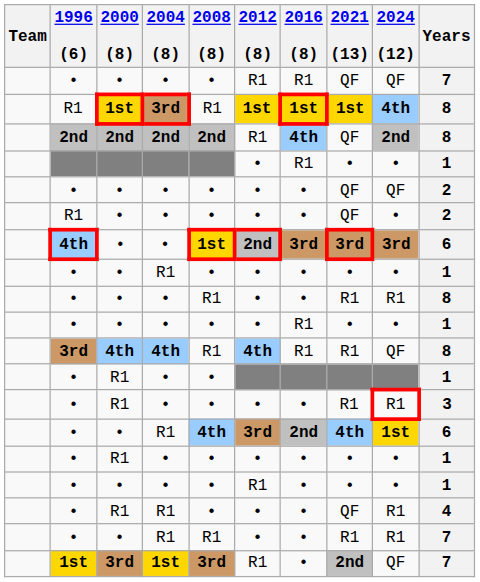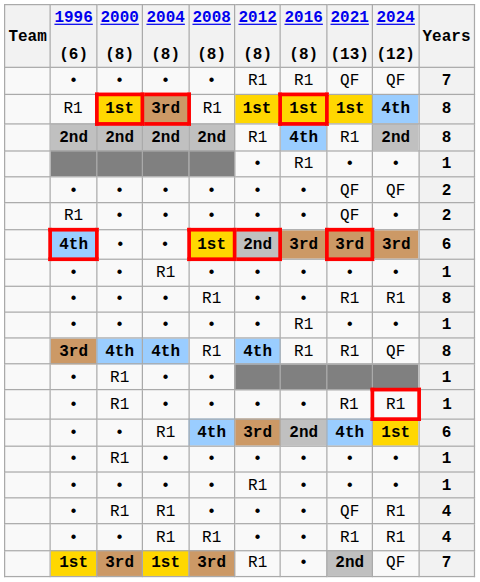 <table class="wikitable" style="text-align: center">
 <tr>
 <th>Team</th>
 <th><a href='#'>1996</a><br><br>(6)</th>
 <th><a href='#'>2000</a><br><br>(8)</th>
 <th><a href='#'>2004</a><br><br>(8)</th>
 <th><a href='#'>2008</a><br><br>(8)</th>
 <th><a href='#'>2012</a><br><br>(8)</th>
 <th><a href='#'>2016</a><br><br>(8)</th>
 <th><a href='#'>2021</a><br><br>(13)</th>
 <th><a href='#'>2024</a><br><br>(12)</th>
 <th>Years</th>
 </tr>
 <tr>
 <td align=left></td>
 <td>•</td>
 <td>•</td>
 <td>•</td>
 <td>•</td>
 <td>R1</td>
 <td>R1</td>
 <td>QF</td>
 <td>QF</td>
 <th>7</th>
 </tr>
 <tr>
 <td align=left></td>
 <td>R1</td>
 <td bgcolor=Gold style="border:3px solid red"><strong>1st</strong></td>
 <td bgcolor=#cc9966 style="border:3px solid red"><strong>3rd</strong></td>
 <td>R1</td>
 <td bgcolor=Gold><strong>1st</strong></td>
 <td bgcolor=Gold style="border:3px solid red"><strong>1st</strong></td>
 <td bgcolor=Gold><strong>1st</strong></td>
 <td bgcolor=#9acdff><strong>4th</strong></td>
 <th>8</th>
 </tr>
 <tr>
 <td align=left></td>
 <td bgcolor=Silver><strong>2nd</strong></td>
 <td bgcolor=Silver><strong>2nd</strong></td>
 <td bgcolor=Silver><strong>2nd</strong></td>
 <td bgcolor=Silver><strong>2nd</strong></td>
 <td>R1</td>
 <td bgcolor=#9acdff><strong>4th</strong></td>
-<td>QF</td>
+<td>R1</td>
 <td bgcolor=Silver><strong>2nd</strong></td>
 <th>8</th>
 </tr>
 <tr>
 <td align=left></td>
 <td bgcolor=gray></td>
 <td bgcolor=gray></td>
 <td bgcolor=gray></td>
 <td bgcolor=gray></td>
 <td>•</td>
 <td>R1</td>
 <td>•</td>
 <td>•</td>
 <th>1</th>
 </tr>
 <tr>
 <td align=left></td>
 <td>•</td>
 <td>•</td>
 <td>•</td>
 <td>•</td>
 <td>•</td>
 <td>•</td>
 <td>QF</td>
 <td>QF</td>
 <th>2</th>
 </tr>
 <tr>
 <td align=left></td>
 <td>R1</td>
 <td>•</td>
 <td>•</td>
 <td>•</td>
 <td>•</td>
 <td>•</td>
 <td>QF</td>
 <td>•</td>
 <th>2</th>
 </tr>
 <tr>
 <td align=left></td>
 <td bgcolor=#9acdff style="border:3px solid red"><strong>4th</strong></td>
 <td>•</td>
 <td>•</td>
 <td bgcolor=Gold style="border:3px solid red"><strong>1st</strong></td>
 <td bgcolor=Silver style="border:3px solid red"><strong>2nd</strong></td>
 <td bgcolor=#cc9966><strong>3rd</strong></td>
 <td bgcolor=#cc9966 style="border:3px solid red"><strong>3rd</strong></td>
 <td bgcolor=#cc9966><strong>3rd</strong></td>
 <th>6</th>
 </tr>
 <tr>
 <td align=left></td>
 <td>•</td>
 <td>•</td>
 <td>R1</td>
 <td>•</td>
 <td>•</td>
 <td>•</td>
 <td>•</td>
 <td>•</td>
 <th>1</th>
 </tr>
 <tr>
 <td align=left></td>
 <td>•</td>
 <td>•</td>
 <td>•</td>
 <td>R1</td>
 <td>•</td>
 <td>•</td>
 <td>R1</td>
 <td>R1</td>
 <th>8</th>
 </tr>
 <tr>
 <td align=left></td>
 <td>•</td>
 <td>•</td>
 <td>•</td>
 <td>•</td>
 <td>•</td>
 <td>R1</td>
 <td>•</td>
 <td>•</td>
 <th>1</th>
 </tr>
 <tr>
 <td align=left></td>
 <td bgcolor=#cc9966><strong>3rd</strong></td>
 <td bgcolor=#9acdff><strong>4th</strong></td>
 <td bgcolor=#9acdff><strong>4th</strong></td>
 <td>R1</td>
 <td bgcolor=#9acdff><strong>4th</strong></td>
 <td>R1</td>
 <td>R1</td>
 <td>QF</td>
 <th>8</th>
 </tr>
 <tr>
 <td align=left><em></em></td>
 <td>•</td>
 <td>R1</td>
 <td>•</td>
 <td>•</td>
 <td bgcolor=gray></td>
 <td bgcolor=gray></td>
 <td bgcolor=gray></td>
 <td bgcolor=gray></td>
 <th>1</th>
 </tr>
 <tr>
 <td align=left></td>
 <td>•</td>
 <td>R1</td>
 <td>•</td>
 <td>•</td>
 <td>•</td>
 <td>•</td>
 <td>R1</td>
 <td style="border:3px solid red">R1</td>
-<th>3</th>
+<th>1</th>
 </tr>
 <tr>
 <td align=left></td>
 <td>•</td>
 <td>•</td>
 <td>R1</td>
 <td bgcolor=#9acdff><strong>4th</strong></td>
 <td bgcolor=#cc9966><strong>3rd</strong></td>
 <td bgcolor=Silver><strong>2nd</strong></td>
 <td bgcolor=#9acdff><strong>4th</strong></td>
 <td bgcolor=Gold><strong>1st</strong></td>
 <th>6</th>
 </tr>
 <tr>
 <td align=left></td>
 <td>•</td>
 <td>R1</td>
 <td>•</td>
 <td>•</td>
 <td>•</td>
 <td>•</td>
 <td>•</td>
 <td>•</td>
 <th>1</th>
 </tr>
 <tr>
 <td align=left></td>
 <td>•</td>
 <td>•</td>
 <td>•</td>
 <td>•</td>
 <td>R1</td>
 <td>•</td>
 <td>•</td>
 <td>•</td>
 <th>1</th>
 </tr>
 <tr>
 <td align=left></td>
 <td>•</td>
 <td>R1</td>
 <td>R1</td>
 <td>•</td>
 <td>•</td>
 <td>•</td>
 <td>QF</td>
 <td>R1</td>
 <th>4</th>
 </tr>
 <tr>
 <td align=left></td>
 <td>•</td>
 <td>•</td>
 <td>R1</td>
 <td>R1</td>
 <td>•</td>
 <td>•</td>
 <td>R1</td>
 <td>R1</td>
-<th>7</th>
+<th>4</th>
 </tr>
 <tr>
 <td align=left></td>
 <td bgcolor=Gold><strong>1st</strong></td>
 <td bgcolor=#cc9966><strong>3rd</strong></td>
 <td bgcolor=Gold><strong>1st</strong></td>
 <td bgcolor=#cc9966><strong>3rd</strong></td>
 <td>R1</td>
 <td>•</td>
 <td bgcolor=Silver><strong>2nd</strong></td>
 <td>QF</td>
 <th>7</th>
 </tr>
 </table>
